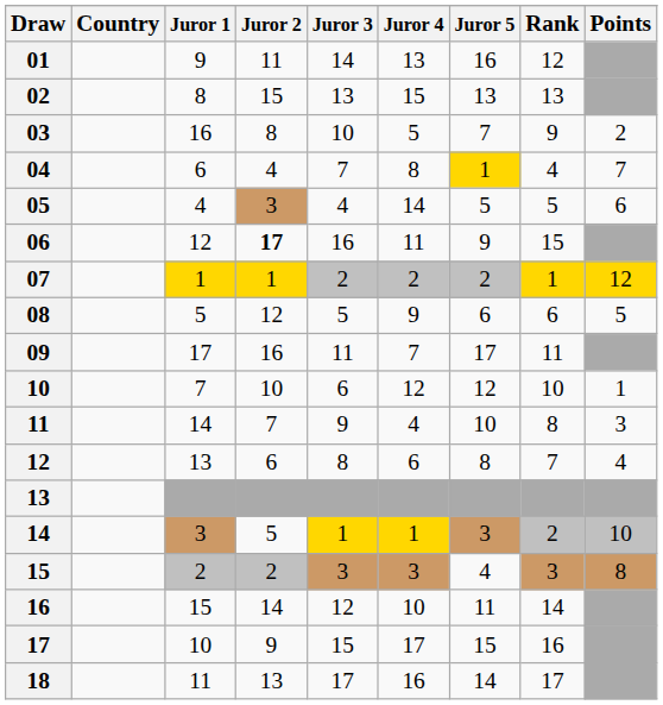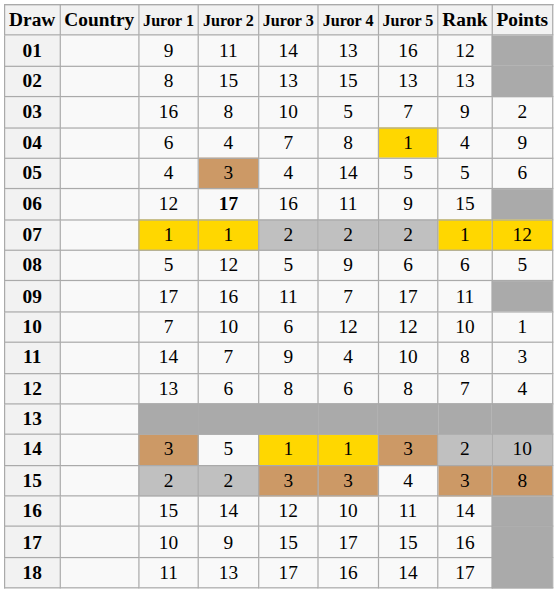 <table class="sortable wikitable collapsible plainrowheaders" style="text-align:center;">
 <tr>
 </tr>
 <tr>
 <th scope="col">Draw</th>
 <th scope="col">Country</th>
 <th scope="col"><small>Juror 1</small></th>
 <th scope="col"><small>Juror 2</small></th>
 <th scope="col"><small>Juror 3</small></th>
 <th scope="col"><small>Juror 4</small></th>
 <th scope="col"><small>Juror 5</small></th>
 <th scope="col">Rank</th>
 <th scope="col">Points</th>
 </tr>
 <tr>
 <th scope="row" style="text-align:center;">01</th>
 <td style="text-align:left;"></td>
 <td>9</td>
 <td>11</td>
 <td>14</td>
 <td>13</td>
 <td>16</td>
 <td>12</td>
 <td style="background:#AAAAAA;"></td>
 </tr>
 <tr>
 <th scope="row" style="text-align:center;">02</th>
 <td style="text-align:left;"></td>
 <td>8</td>
 <td>15</td>
 <td>13</td>
 <td>15</td>
 <td>13</td>
 <td>13</td>
 <td style="background:#AAAAAA;"></td>
 </tr>
 <tr>
 <th scope="row" style="text-align:center;">03</th>
 <td style="text-align:left;"></td>
 <td>16</td>
 <td>8</td>
 <td>10</td>
 <td>5</td>
 <td>7</td>
 <td>9</td>
 <td>2</td>
 </tr>
 <tr>
 <th scope="row" style="text-align:center;">04</th>
 <td style="text-align:left;"></td>
 <td>6</td>
 <td>4</td>
 <td>7</td>
 <td>8</td>
 <td style="background:gold;">1</td>
 <td>4</td>
-<td>7</td>
+<td>9</td>
 </tr>
 <tr>
 <th scope="row" style="text-align:center;">05</th>
 <td style="text-align:left;"></td>
 <td>4</td>
 <td style="background:#CC9966;">3</td>
 <td>4</td>
 <td>14</td>
 <td>5</td>
 <td>5</td>
 <td>6</td>
 </tr>
 <tr>
 <th scope="row" style="text-align:center;">06</th>
 <td style="text-align:left;"></td>
 <td>12</td>
 <td><strong>17</strong></td>
 <td>16</td>
 <td>11</td>
 <td>9</td>
 <td>15</td>
 <td style="background:#AAAAAA;"></td>
 </tr>
 <tr>
 <th scope="row" style="text-align:center;">07</th>
 <td style="text-align:left;"></td>
 <td style="background:gold;">1</td>
 <td style="background:gold;">1</td>
 <td style="background:silver;">2</td>
 <td style="background:silver;">2</td>
 <td style="background:silver;">2</td>
 <td style="background:gold;">1</td>
 <td style="background:gold;">12</td>
 </tr>
 <tr>
 <th scope="row" style="text-align:center;">08</th>
 <td style="text-align:left;"></td>
 <td>5</td>
 <td>12</td>
 <td>5</td>
 <td>9</td>
 <td>6</td>
 <td>6</td>
 <td>5</td>
 </tr>
 <tr>
 <th scope="row" style="text-align:center;">09</th>
 <td style="text-align:left;"></td>
 <td>17</td>
 <td>16</td>
 <td>11</td>
 <td>7</td>
 <td>17</td>
 <td>11</td>
 <td style="background:#AAAAAA;"></td>
 </tr>
 <tr>
 <th scope="row" style="text-align:center;">10</th>
 <td style="text-align:left;"></td>
 <td>7</td>
 <td>10</td>
 <td>6</td>
 <td>12</td>
 <td>12</td>
 <td>10</td>
 <td>1</td>
 </tr>
 <tr>
 <th scope="row" style="text-align:center;">11</th>
 <td style="text-align:left;"></td>
 <td>14</td>
 <td>7</td>
 <td>9</td>
 <td>4</td>
 <td>10</td>
 <td>8</td>
 <td>3</td>
 </tr>
 <tr>
 <th scope="row" style="text-align:center;">12</th>
 <td style="text-align:left;"></td>
 <td>13</td>
 <td>6</td>
 <td>8</td>
 <td>6</td>
 <td>8</td>
 <td>7</td>
 <td>4</td>
 </tr>
 <tr>
 <th scope="row" style="text-align:center;">13</th>
 <td style="text-align:left;"></td>
 <td style="background:#AAAAAA;"></td>
 <td style="background:#AAAAAA;"></td>
 <td style="background:#AAAAAA;"></td>
 <td style="background:#AAAAAA;"></td>
 <td style="background:#AAAAAA;"></td>
 <td style="background:#AAAAAA;"></td>
 <td style="background:#AAAAAA;"></td>
 </tr>
 <tr>
 <th scope="row" style="text-align:center;">14</th>
 <td style="text-align:left;"></td>
 <td style="background:#CC9966;">3</td>
 <td>5</td>
 <td style="background:gold;">1</td>
 <td style="background:gold;">1</td>
 <td style="background:#CC9966;">3</td>
 <td style="background:silver;">2</td>
 <td style="background:silver;">10</td>
 </tr>
 <tr>
 <th scope="row" style="text-align:center;">15</th>
 <td style="text-align:left;"></td>
 <td style="background:silver;">2</td>
 <td style="background:silver;">2</td>
 <td style="background:#CC9966;">3</td>
 <td style="background:#CC9966;">3</td>
 <td>4</td>
 <td style="background:#CC9966;">3</td>
 <td style="background:#CC9966;">8</td>
 </tr>
 <tr>
 <th scope="row" style="text-align:center;">16</th>
 <td style="text-align:left;"></td>
 <td>15</td>
 <td>14</td>
 <td>12</td>
 <td>10</td>
 <td>11</td>
 <td>14</td>
 <td style="background:#AAAAAA;"></td>
 </tr>
 <tr>
 <th scope="row" style="text-align:center;">17</th>
 <td style="text-align:left;"></td>
 <td>10</td>
 <td>9</td>
 <td>15</td>
 <td>17</td>
 <td>15</td>
 <td>16</td>
 <td style="background:#AAAAAA;"></td>
 </tr>
 <tr>
 <th scope="row" style="text-align:center;">18</th>
 <td style="text-align:left;"></td>
 <td>11</td>
 <td>13</td>
 <td>17</td>
 <td>16</td>
 <td>14</td>
 <td>17</td>
 <td style="background:#AAAAAA;"></td>
 </tr>
 </table>
